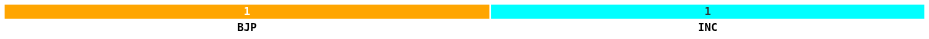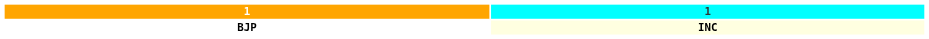 <table style="width:88%; text-align:center;">
 <tr style="color:white;">
 <td style="background:orange; width:48.33%;"><strong>1</strong></td>
 <td style="background:aqua; color:#333; width:43.20%;"><strong>1</strong></td>
 </tr>
 <tr>
 <td><span><strong>BJP</strong></span></td>
-<td><span><strong>INC</strong></span></td>
+<td style="background: lightyellow;"><span><strong>INC</strong></span></td>
 </tr>
 </table>
